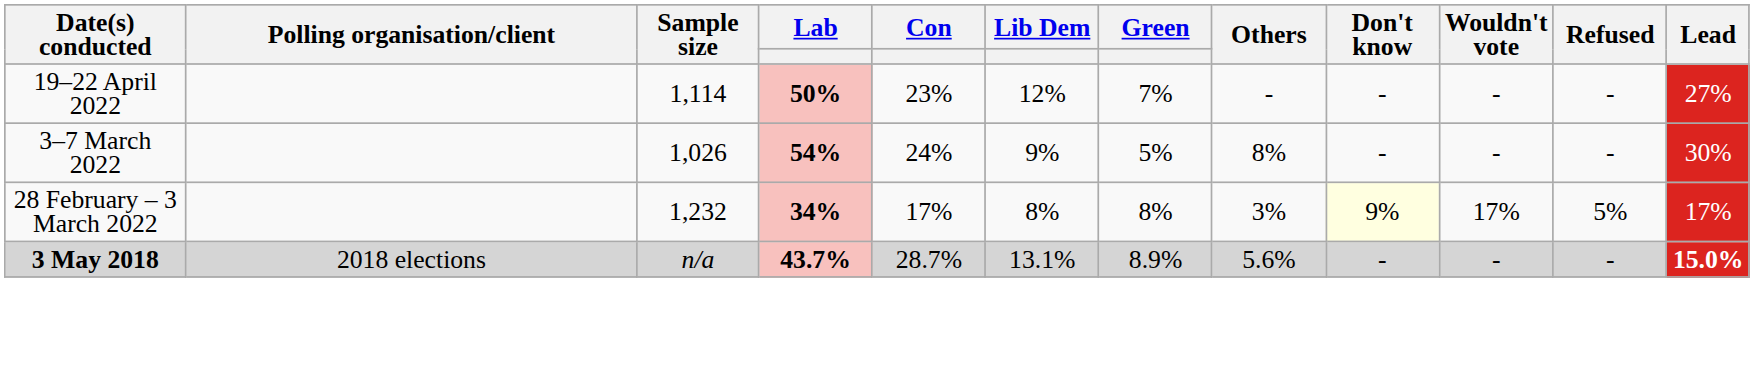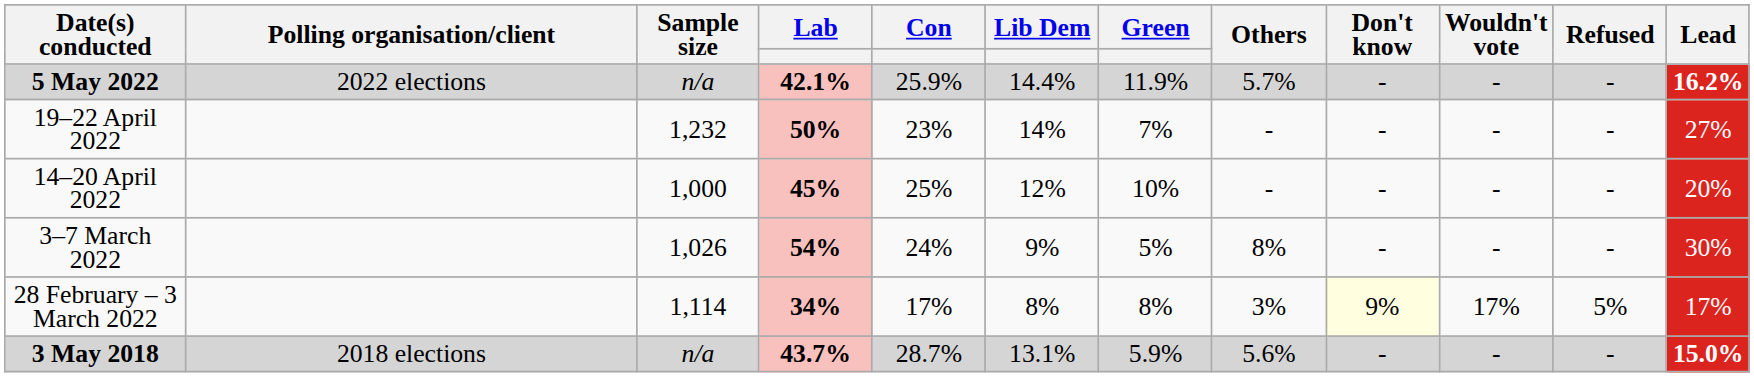 <table class="wikitable sortable" style="text-align:center;font-size:95%;line-height:14px">
 <tr>
 <th style="width:100px;" rowspan="2">Date(s) <br>conducted</th>
 <th style="width:260px;" rowspan="2">Polling organisation/client</th>
 <th style="width:65px;" rowspan="2">Sample <br>size</th>
 <th style="width:60px;" class="unsortable"><a href='#'>Lab</a></th>
 <th style="width:60px;" class="unsortable"><a href='#'>Con</a></th>
 <th style="width:60px;" class="unsortable"><a href='#'>Lib Dem</a></th>
 <th style="width:60px;" class="unsortable"><a href='#'>Green</a></th>
 <th style="width:60px;" rowspan="2" class="unsortable">Others</th>
 <th style="width:60px;" rowspan="2" class="unsortable">Don't know</th>
 <th style="width:60px;" rowspan="2" class="unsortable">Wouldn't vote</th>
 <th style="width:60px;" rowspan="2" class="unsortable">Refused</th>
 <th class="unsortable" style="width:20px;" rowspan="2">Lead</th>
 </tr>
 <tr>
 <th class="unsortable" style="color:inherit;background:"></th>
 <th class="unsortable" style="color:inherit;background:"></th>
 <th class="unsortable" style="color:inherit;background:"></th>
 <th class="unsortable" style="color:inherit;background:"></th>
 </tr>
 <tr>
+<td style="background:#D5D5D5"><strong>5 May 2022</strong></td>
+<td style="background:#D5D5D5">2022 elections</td>
+<td style="background:#D5D5D5"><em>n/a</em></td>
+<td style="background:#F8C1BE"><strong>42.1%</strong></td>
+<td style="background:#D5D5D5">25.9%</td>
+<td style="background:#D5D5D5">14.4%</td>
+<td style="background:#D5D5D5">11.9%</td>
+<td style="background:#D5D5D5">5.7%</td>
+<td style="background:#D5D5D5">-</td>
+<td style="background:#D5D5D5">-</td>
+<td style="background:#D5D5D5">-</td>
+<td style="background:#dc241f; color:white;"><strong>16.2%</strong></td>
+</tr>
+<tr>
 <td>19–22 April 2022</td>
 <td></td>
-<td>1,114</td>
+<td>1,232</td>
 <td style="background:#F8C1BE"><strong>50%</strong></td>
 <td>23%</td>
-<td>12%</td>
+<td>14%</td>
 <td>7%</td>
 <td>-</td>
 <td>-</td>
 <td>-</td>
 <td>-</td>
 <td style="background:#dc241f; color:white;">27%</td>
+</tr>
+<tr>
+<td>14–20 April 2022</td>
+<td></td>
+<td>1,000</td>
+<td style="background:#F8C1BE"><strong>45%</strong></td>
+<td>25%</td>
+<td>12%</td>
+<td>10%</td>
+<td>-</td>
+<td>-</td>
+<td>-</td>
+<td>-</td>
+<td style="background:#dc241f; color:white;">20%</td>
 </tr>
 <tr>
 <td>3–7 March 2022</td>
 <td></td>
 <td>1,026</td>
 <td style="background:#F8C1BE"><strong>54%</strong></td>
 <td>24%</td>
 <td>9%</td>
 <td>5%</td>
 <td>8%</td>
 <td>-</td>
 <td>-</td>
 <td>-</td>
 <td style="background:#dc241f; color:white;">30%</td>
 </tr>
 <tr>
 <td>28 February – 3 March 2022</td>
 <td></td>
-<td>1,232</td>
+<td>1,114</td>
 <td style="background:#F8C1BE"><strong>34%</strong></td>
 <td>17%</td>
 <td>8%</td>
 <td>8%</td>
 <td>3%</td>
 <td style="background: lightyellow;">9%</td>
 <td>17%</td>
 <td>5%</td>
 <td style="background:#dc241f; color:white;">17%</td>
 </tr>
 <tr>
 <td style="background:#D5D5D5"><strong>3 May 2018</strong></td>
 <td style="background:#D5D5D5">2018 elections</td>
 <td style="background:#D5D5D5"><em>n/a</em></td>
 <td style="background:#F8C1BE"><strong>43.7%</strong></td>
 <td style="background:#D5D5D5">28.7%</td>
 <td style="background:#D5D5D5">13.1%</td>
-<td style="background:#D5D5D5">8.9%</td>
+<td style="background:#D5D5D5">5.9%</td>
 <td style="background:#D5D5D5">5.6%</td>
 <td style="background:#D5D5D5">-</td>
 <td style="background:#D5D5D5">-</td>
 <td style="background:#D5D5D5">-</td>
 <td style="background:#dc241f; color:white;"><strong>15.0%</strong></td>
 </tr>
 </table>
